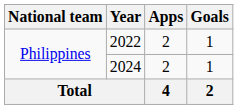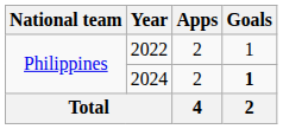 <table class="wikitable" style="text-align:center">
 <tr>
 <th>National team</th>
 <th>Year</th>
 <th>Apps</th>
 <th>Goals</th>
 </tr>
 <tr>
 <td rowspan=2><a href='#'>Philippines</a></td>
 <td>2022</td>
 <td>2</td>
 <td>1</td>
 </tr>
 <tr>
 <td>2024</td>
 <td>2</td>
-<td>1</td>
+<td><strong>1</strong></td>
 </tr>
 <tr>
 <th colspan="2">Total</th>
 <th>4</th>
 <th>2</th>
 </tr>
 </table>
